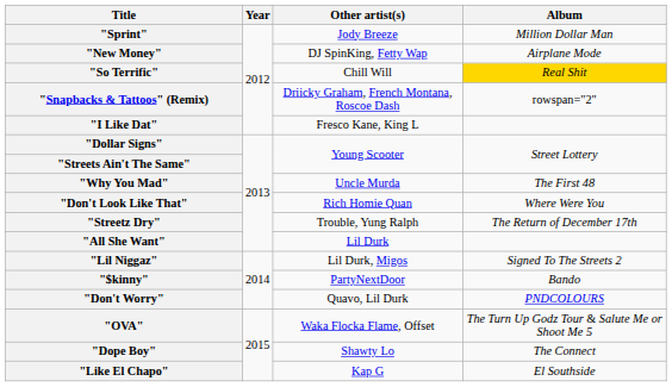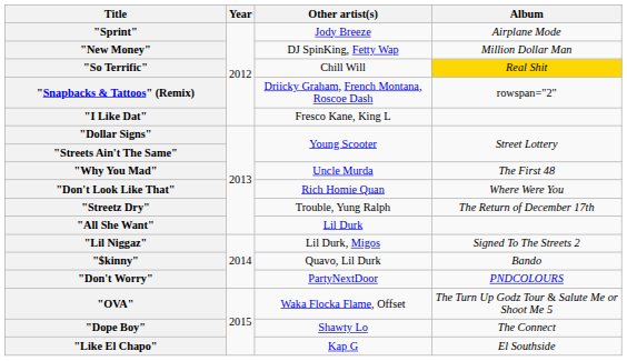 <table class="wikitable plainrowheaders" style="text-align:center;">
 <tr>
 <th style="width:19em;">Title</th>
 <th>Year</th>
 <th>Other artist(s)</th>
 <th>Album</th>
 </tr>
 <tr>
 <th scope="row">"Sprint"</th>
 <td rowspan="5">2012</td>
 <td><a href='#'>Jody Breeze</a></td>
-<td><em>Million Dollar Man</em></td>
+<td><em>Airplane Mode</em></td>
 </tr>
 <tr>
 <th scope="row">"New Money"</th>
 <td>DJ SpinKing, <a href='#'>Fetty Wap</a></td>
-<td><em>Airplane Mode</em></td>
+<td><em>Million Dollar Man</em></td>
 </tr>
 <tr>
 <th scope="row">"So Terrific"</th>
 <td>Chill Will</td>
 <td style="background: gold;"><em>Real Shit</em></td>
 </tr>
 <tr>
 <th scope="row">"<a href='#'>Snapbacks & Tattoos</a>" (Remix)</th>
 <td><a href='#'>Driicky Graham</a>, <a href='#'>French Montana</a>, <a href='#'>Roscoe Dash</a></td>
 <td>rowspan="2" </td>
 </tr>
 <tr>
 <th scope="row">"I Like Dat"</th>
 <td>Fresco Kane, King L</td>
 </tr>
 <tr>
 <th scope="row">"Dollar Signs"</th>
 <td rowspan="6">2013</td>
 <td rowspan="2"><a href='#'>Young Scooter</a></td>
 <td rowspan="2"><em>Street Lottery</em></td>
 </tr>
 <tr>
 <th scope="row">"Streets Ain't The Same"</th>
 </tr>
 <tr>
 <th scope="row">"Why You Mad"</th>
 <td><a href='#'>Uncle Murda</a></td>
 <td><em>The First 48</em></td>
 </tr>
 <tr>
 <th scope="row">"Don't Look Like That"</th>
 <td><a href='#'>Rich Homie Quan</a></td>
 <td><em>Where Were You</em></td>
 </tr>
 <tr>
 <th scope="row">"Streetz Dry"</th>
 <td>Trouble, Yung Ralph</td>
 <td><em>The Return of December 17th</em></td>
 </tr>
 <tr>
 <th scope="row">"All She Want"</th>
 <td><a href='#'>Lil Durk</a></td>
 <td></td>
 </tr>
 <tr>
 <th scope="row">"Lil Niggaz"</th>
 <td rowspan="3">2014</td>
 <td>Lil Durk, <a href='#'>Migos</a></td>
 <td><em>Signed To The Streets 2</em></td>
 </tr>
 <tr>
 <th scope="row">"$kinny"</th>
-<td><a href='#'>PartyNextDoor</a></td>
+<td>Quavo, Lil Durk</td>
 <td><em>Bando</em></td>
 </tr>
 <tr>
 <th scope="row">"Don't Worry"</th>
-<td>Quavo, Lil Durk</td>
+<td><a href='#'>PartyNextDoor</a></td>
 <td><em><a href='#'>PNDCOLOURS</a></em></td>
 </tr>
 <tr>
 <th scope="row">"OVA"</th>
 <td rowspan="3">2015</td>
 <td><a href='#'>Waka Flocka Flame</a>, Offset</td>
 <td><em>The Turn Up Godz Tour</em> & <em>Salute Me or Shoot Me 5</em></td>
 </tr>
 <tr>
 <th scope="row">"Dope Boy"</th>
 <td><a href='#'>Shawty Lo</a></td>
 <td><em>The Connect</em></td>
 </tr>
 <tr>
 <th scope="row">"Like El Chapo"</th>
 <td><a href='#'>Kap G</a></td>
 <td><em>El Southside</em></td>
 </tr>
 </table>
